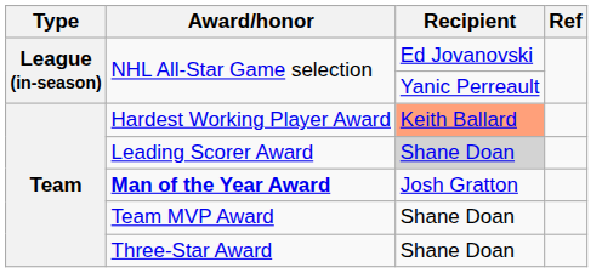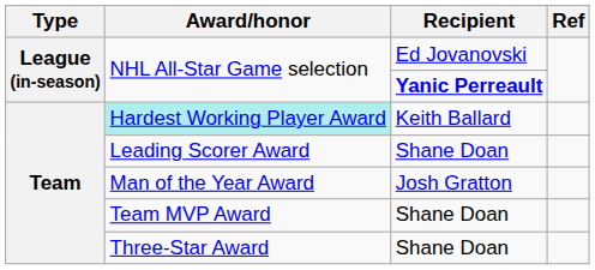 <table class="wikitable">
 <tr>
 <th scope="col">Type</th>
 <th scope="col">Award/honor</th>
 <th scope="col">Recipient</th>
 <th scope="col">Ref</th>
 </tr>
 <tr>
 <th scope="row" rowspan="2">League<br><small>(in-season)</small></th>
 <td rowspan="2"><a href='#'>NHL All-Star Game</a> selection</td>
 <td><a href='#'>Ed Jovanovski</a></td>
 <td rowspan="2"></td>
 </tr>
 <tr>
-<td><a href='#'>Yanic Perreault</a></td>
+<td><strong><a href='#'>Yanic Perreault</a></strong></td>
 </tr>
 <tr>
 <th scope="row" rowspan="5">Team</th>
-<td><a href='#'>Hardest Working Player Award</a></td>
-<td style="background: lightsalmon;"><a href='#'>Keith Ballard</a></td>
+<td style="background: paleturquoise;"><a href='#'>Hardest Working Player Award</a></td>
+<td><a href='#'>Keith Ballard</a></td>
 <td></td>
 </tr>
 <tr>
 <td><a href='#'>Leading Scorer Award</a></td>
-<td style="background: lightgrey;"><a href='#'>Shane Doan</a></td>
+<td><a href='#'>Shane Doan</a></td>
 <td></td>
 </tr>
 <tr>
-<td><strong><a href='#'>Man of the Year Award</a></strong></td>
+<td><a href='#'>Man of the Year Award</a></td>
 <td><a href='#'>Josh Gratton</a></td>
 <td></td>
 </tr>
 <tr>
 <td><a href='#'>Team MVP Award</a></td>
 <td>Shane Doan</td>
 <td></td>
 </tr>
 <tr>
 <td><a href='#'>Three-Star Award</a></td>
 <td>Shane Doan</td>
 <td></td>
 </tr>
 </table>
